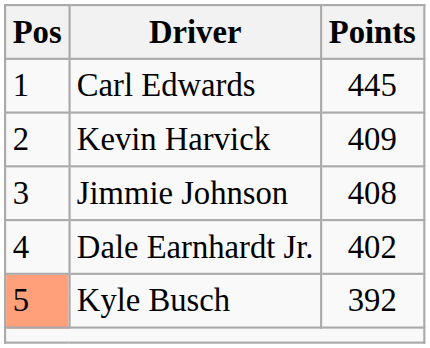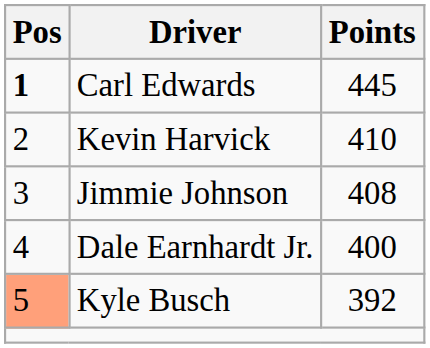 <table class="sortable wikitable " style="font-size: 95%;">
 <tr>
 <th>Pos</th>
 <th>Driver</th>
 <th>Points</th>
 </tr>
 <tr>
-<td>1</td>
+<td><strong>1</strong></td>
 <td>Carl Edwards</td>
 <td style="text-align:center;">445</td>
 </tr>
 <tr>
 <td>2</td>
 <td>Kevin Harvick</td>
-<td style="text-align:center;">409</td>
+<td style="text-align:center;">410</td>
 </tr>
 <tr>
 <td>3</td>
 <td>Jimmie Johnson</td>
 <td style="text-align:center;">408</td>
 </tr>
 <tr>
 <td>4</td>
 <td>Dale Earnhardt Jr.</td>
-<td style="text-align:center;">402</td>
+<td style="text-align:center;">400</td>
 </tr>
 <tr>
 <td style="background: lightsalmon;">5</td>
 <td>Kyle Busch</td>
 <td style="text-align:center;">392</td>
 </tr>
 <tr>
 <td colspan="9"></td>
 </tr>
 </table>
